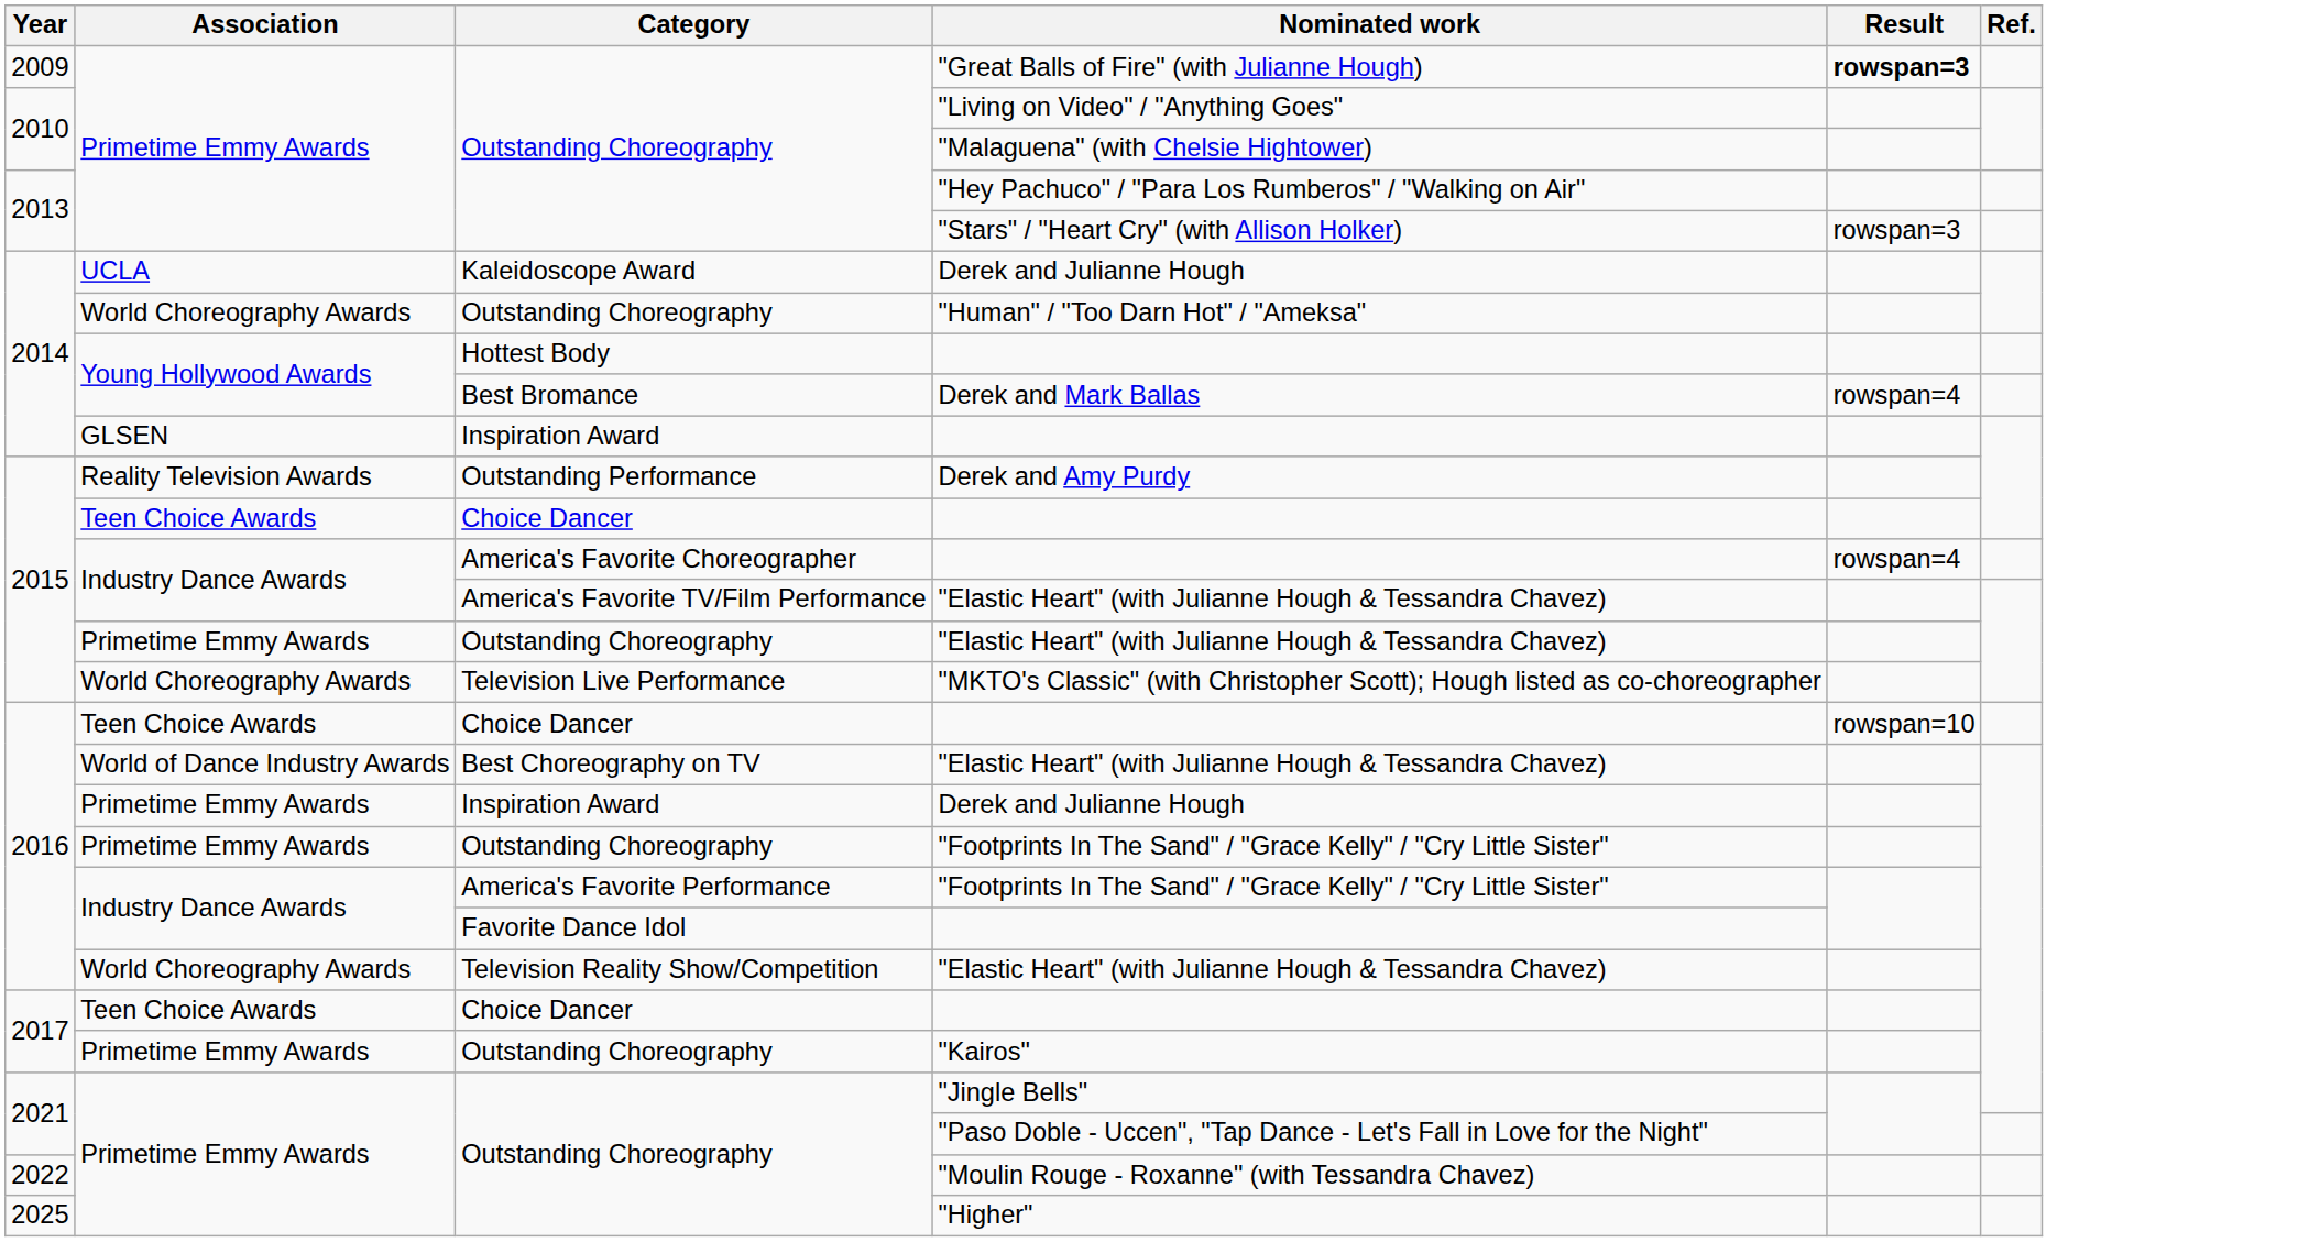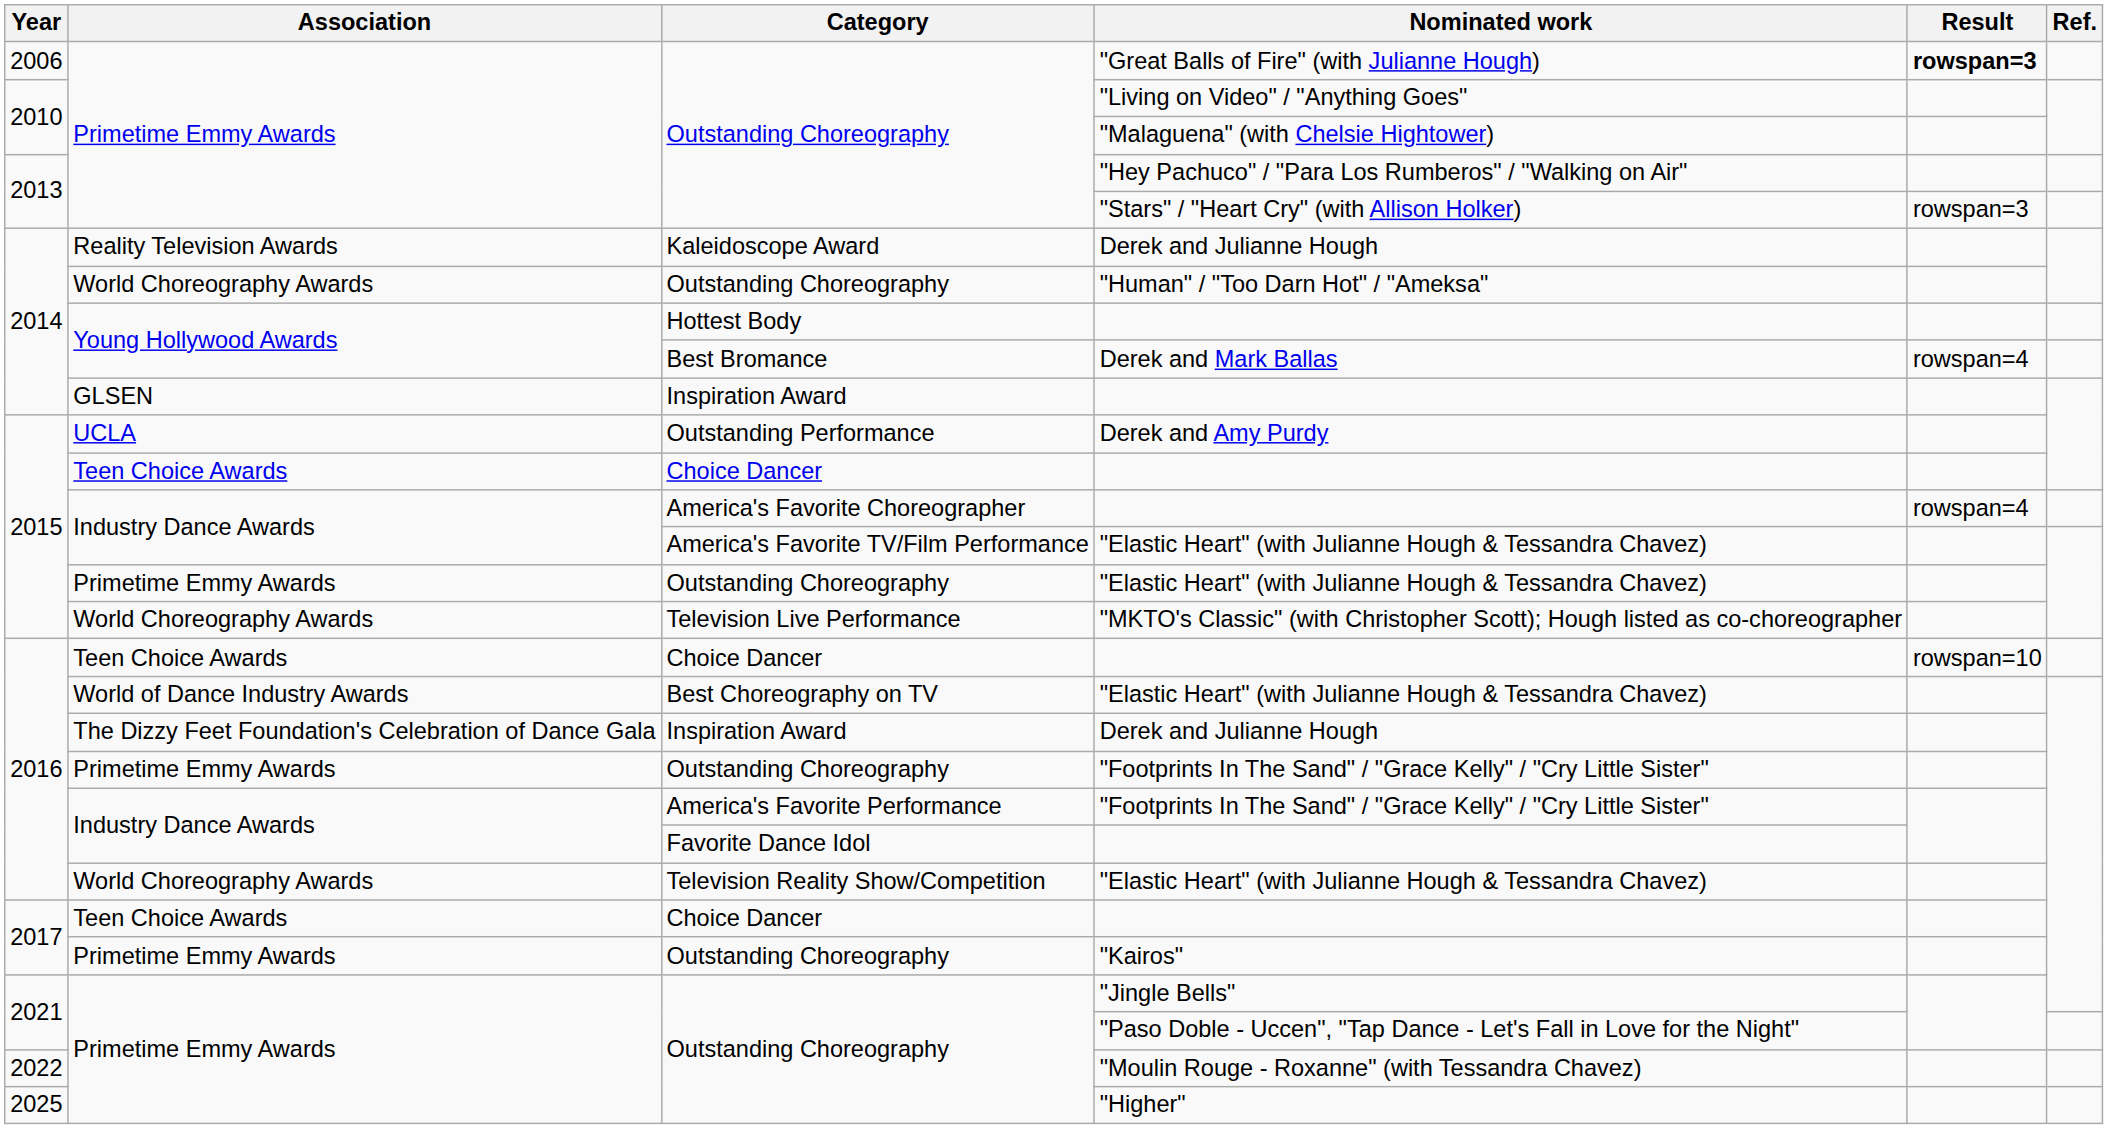 <table class="wikitable sortable">
 <tr>
 <th>Year</th>
 <th>Association</th>
 <th>Category</th>
 <th>Nominated work</th>
 <th>Result</th>
 <th class="unsortable">Ref.</th>
 </tr>
 <tr>
-<td>2009</td>
+<td>2006</td>
 <td rowspan=5><a href='#'>Primetime Emmy Awards</a></td>
 <td rowspan=5><a href='#'>Outstanding Choreography</a></td>
 <td>"Great Balls of Fire" (with <a href='#'>Julianne Hough</a>)</td>
 <td><strong>rowspan=3 </strong></td>
 <td align="center"></td>
 </tr>
 <tr>
 <td rowspan=2>2010</td>
 <td>"Living on Video" / "Anything Goes"</td>
 <td align="center"></td>
 </tr>
 <tr>
 <td>"Malaguena" (with <a href='#'>Chelsie Hightower</a>)</td>
 <td></td>
 </tr>
 <tr>
 <td rowspan=2>2013</td>
 <td>"Hey Pachuco" / "Para Los Rumberos" / "Walking on Air"</td>
 <td></td>
 <td align="center"></td>
 </tr>
 <tr>
 <td>"Stars" / "Heart Cry" (with <a href='#'>Allison Holker</a>)</td>
 <td>rowspan=3 </td>
 <td></td>
 </tr>
 <tr>
 <td rowspan=5>2014</td>
-<td><a href='#'>UCLA</a></td>
+<td>Reality Television Awards</td>
 <td>Kaleidoscope Award</td>
 <td>Derek and Julianne Hough</td>
 <td align="center"></td>
 </tr>
 <tr>
 <td>World Choreography Awards</td>
 <td>Outstanding Choreography</td>
 <td>"Human" / "Too Darn Hot" / "Ameksa"</td>
 <td align="center"></td>
 </tr>
 <tr>
 <td rowspan=2><a href='#'>Young Hollywood Awards</a></td>
 <td>Hottest Body</td>
 <td></td>
 <td></td>
 <td></td>
 </tr>
 <tr>
 <td>Best Bromance</td>
 <td>Derek and <a href='#'>Mark Ballas</a></td>
 <td>rowspan=4 </td>
 <td align="center"></td>
 </tr>
 <tr>
 <td>GLSEN</td>
 <td>Inspiration Award</td>
 <td></td>
 <td align="center"></td>
 </tr>
 <tr>
 <td rowspan=6>2015</td>
-<td>Reality Television Awards</td>
+<td><a href='#'>UCLA</a></td>
 <td>Outstanding Performance</td>
 <td>Derek and <a href='#'>Amy Purdy</a></td>
 <td align="center"></td>
 </tr>
 <tr>
 <td><a href='#'>Teen Choice Awards</a></td>
 <td><a href='#'>Choice Dancer</a></td>
 <td></td>
 <td align="center"></td>
 </tr>
 <tr>
 <td rowspan=2>Industry Dance Awards</td>
 <td>America's Favorite Choreographer</td>
 <td></td>
 <td>rowspan=4 </td>
 <td align="center"></td>
 </tr>
 <tr>
 <td>America's Favorite TV/Film Performance</td>
 <td>"Elastic Heart" (with Julianne Hough & Tessandra Chavez)</td>
 <td align="center"></td>
 </tr>
 <tr>
 <td>Primetime Emmy Awards</td>
 <td>Outstanding Choreography</td>
 <td>"Elastic Heart" (with Julianne Hough & Tessandra Chavez)</td>
 <td align="center"></td>
 </tr>
 <tr>
 <td>World Choreography Awards</td>
 <td>Television Live Performance</td>
 <td>"MKTO's Classic" (with Christopher Scott); Hough listed as co-choreographer</td>
 <td align="center"></td>
 </tr>
 <tr>
 <td rowspan=7>2016</td>
 <td>Teen Choice Awards</td>
 <td>Choice Dancer</td>
 <td></td>
 <td>rowspan=10 </td>
 <td align="center"></td>
 </tr>
 <tr>
 <td>World of Dance Industry Awards</td>
 <td>Best Choreography on TV</td>
 <td>"Elastic Heart" (with Julianne Hough & Tessandra Chavez)</td>
 <td align="center"></td>
 </tr>
 <tr>
-<td>Primetime Emmy Awards</td>
+<td>The Dizzy Feet Foundation's Celebration of Dance Gala</td>
 <td>Inspiration Award</td>
 <td>Derek and Julianne Hough</td>
 <td align="center"></td>
 </tr>
 <tr>
 <td>Primetime Emmy Awards</td>
 <td>Outstanding Choreography</td>
 <td>"Footprints In The Sand" / "Grace Kelly" / "Cry Little Sister"</td>
 <td align="center"></td>
 </tr>
 <tr>
 <td rowspan=2>Industry Dance Awards</td>
 <td>America's Favorite Performance</td>
 <td>"Footprints In The Sand" / "Grace Kelly" / "Cry Little Sister"</td>
 <td rowspan=2 align="center"></td>
 </tr>
 <tr>
 <td>Favorite Dance Idol</td>
 <td></td>
 </tr>
 <tr>
 <td>World Choreography Awards</td>
 <td>Television Reality Show/Competition</td>
 <td>"Elastic Heart" (with Julianne Hough & Tessandra Chavez)</td>
 <td></td>
 </tr>
 <tr>
 <td rowspan=2>2017</td>
 <td>Teen Choice Awards</td>
 <td>Choice Dancer</td>
 <td></td>
 <td></td>
 </tr>
 <tr>
 <td>Primetime Emmy Awards</td>
 <td>Outstanding Choreography</td>
 <td>"Kairos"</td>
 <td></td>
 </tr>
 <tr>
 <td rowspan=2>2021</td>
 <td rowspan=4>Primetime Emmy Awards</td>
 <td rowspan=4>Outstanding Choreography</td>
 <td>"Jingle Bells"</td>
 <td rowspan=2></td>
 </tr>
 <tr>
 <td>"Paso Doble - Uccen", "Tap Dance - Let's Fall in Love for the Night"</td>
 <td></td>
 </tr>
 <tr>
 <td>2022</td>
 <td>"Moulin Rouge - Roxanne" (with Tessandra Chavez)</td>
 <td></td>
 <td></td>
 </tr>
 <tr>
 <td>2025</td>
 <td>"Higher"</td>
 <td></td>
 <td></td>
 </tr>
 </table>
